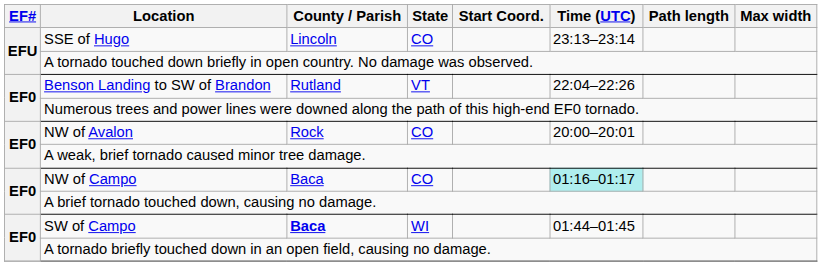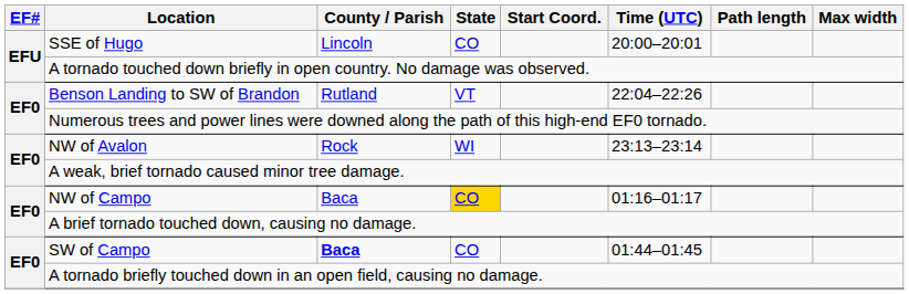 <table class="wikitable sortable" style="width:100%;">
 <tr>
 <th scope="col" width="2%" align="center"><a href='#'>EF#</a></th>
 <th scope="col" align="center" class="unsortable">Location</th>
 <th scope="col" align="center" class="unsortable">County / Parish</th>
 <th scope="col" align="center">State</th>
 <th scope="col" align="center">Start Coord.</th>
 <th scope="col" align="center">Time (<a href='#'>UTC</a>)</th>
 <th scope="col" align="center">Path length</th>
 <th scope="col" align="center">Max width</th>
 </tr>
 <tr>
 <th scope="row" rowspan="2" style="background-color:#">EFU</th>
 <td>SSE of <a href='#'>Hugo</a></td>
 <td><a href='#'>Lincoln</a></td>
 <td><a href='#'>CO</a></td>
 <td></td>
-<td>23:13–23:14</td>
+<td>20:00–20:01</td>
 <td></td>
 <td></td>
 </tr>
 <tr class="expand-child">
 <td colspan="8" style=" border-bottom: 1px solid black;">A tornado touched down briefly in open country. No damage was observed.</td>
 </tr>
 <tr>
 <th scope="row" rowspan="2" style="background-color:#">EF0</th>
 <td><a href='#'>Benson Landing</a> to SW of <a href='#'>Brandon</a></td>
 <td><a href='#'>Rutland</a></td>
 <td><a href='#'>VT</a></td>
 <td></td>
 <td>22:04–22:26</td>
 <td></td>
 <td></td>
 </tr>
 <tr class="expand-child">
 <td colspan="8" style=" border-bottom: 1px solid black;">Numerous trees and power lines were downed along the path of this high-end EF0 tornado.</td>
 </tr>
 <tr>
 <th scope="row" rowspan="2" style="background-color:#">EF0</th>
 <td>NW of <a href='#'>Avalon</a></td>
 <td><a href='#'>Rock</a></td>
-<td><a href='#'>CO</a></td>
+<td><a href='#'>WI</a></td>
 <td></td>
-<td>20:00–20:01</td>
+<td>23:13–23:14</td>
 <td></td>
 <td></td>
 </tr>
 <tr class="expand-child">
 <td colspan="8" style=" border-bottom: 1px solid black;">A weak, brief tornado caused minor tree damage.</td>
 </tr>
 <tr>
 <th scope="row" rowspan="2" style="background-color:#">EF0</th>
 <td>NW of <a href='#'>Campo</a></td>
 <td><a href='#'>Baca</a></td>
-<td><a href='#'>CO</a></td>
+<td style="background: gold;"><a href='#'>CO</a></td>
 <td></td>
-<td style="background: paleturquoise;">01:16–01:17</td>
+<td>01:16–01:17</td>
 <td></td>
 <td></td>
 </tr>
 <tr class="expand-child">
 <td colspan="8" style=" border-bottom: 1px solid black;">A brief tornado touched down, causing no damage.</td>
 </tr>
 <tr>
 <th scope="row" rowspan="2" style="background-color:#">EF0</th>
 <td>SW of <a href='#'>Campo</a></td>
 <td><strong><a href='#'>Baca</a></strong></td>
-<td><a href='#'>WI</a></td>
+<td><a href='#'>CO</a></td>
 <td></td>
 <td>01:44–01:45</td>
 <td></td>
 <td></td>
 </tr>
 <tr class="expand-child">
 <td colspan="8" style=" border-bottom: 1px solid black;">A tornado briefly touched down in an open field, causing no damage.</td>
 </tr>
 <tr>
 </tr>
 </table>
